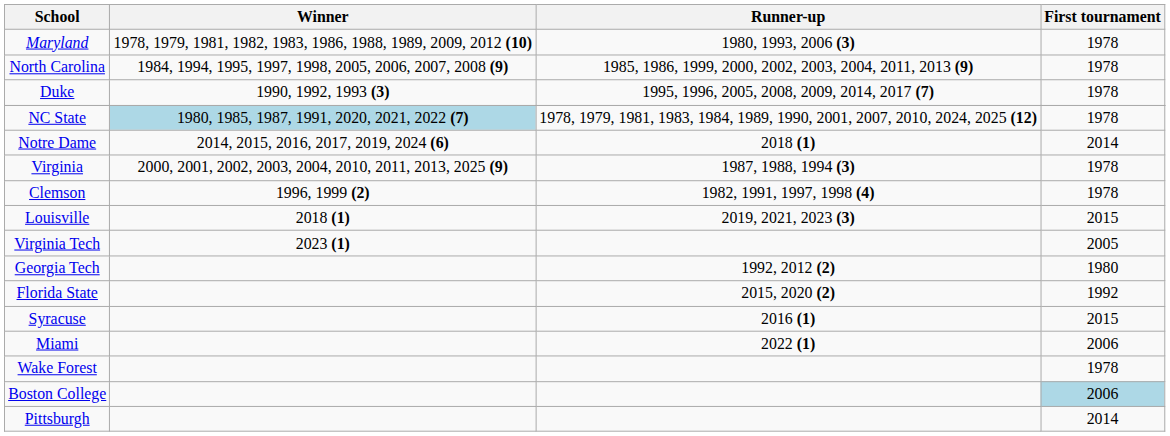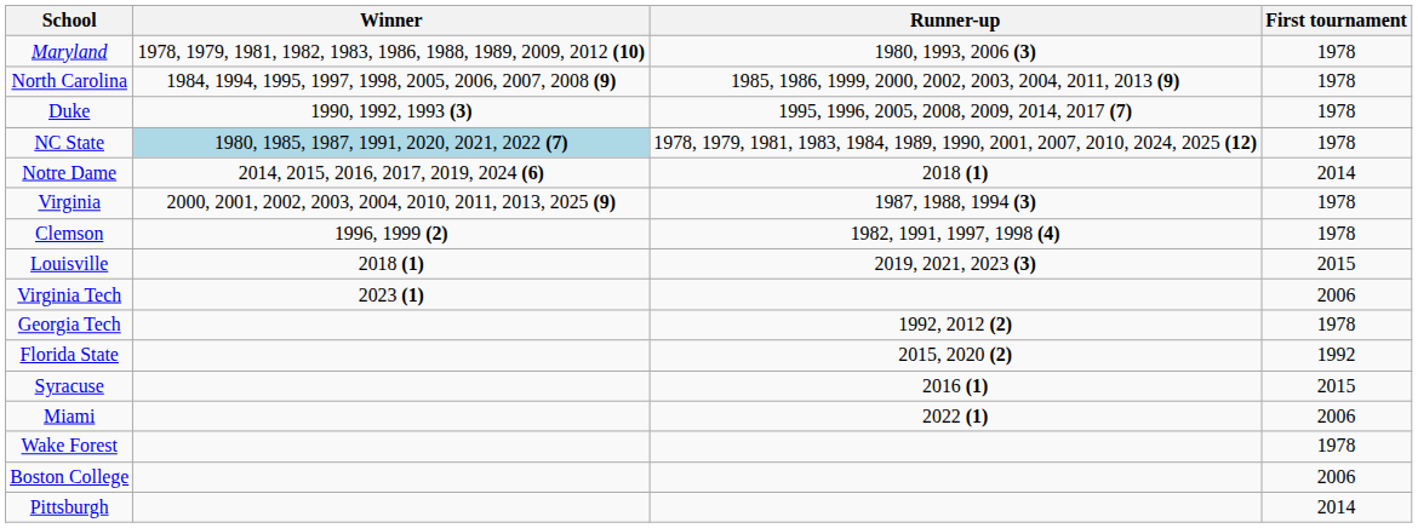 <table class="wikitable sortable" style="text-align:center">
 <tr>
 <th width=px>School</th>
 <th width=px>Winner</th>
 <th width=px>Runner-up</th>
 <th width=px>First tournament</th>
 </tr>
 <tr>
 <td style="text-align: center;"><em><a href='#'>Maryland</a></em></td>
 <td>1978, 1979, 1981, 1982, 1983, 1986, 1988, 1989, 2009, 2012 <strong>(10)</strong></td>
 <td>1980, 1993, 2006 <strong>(3)</strong></td>
 <td style="text-align: center;">1978</td>
 </tr>
 <tr>
 <td style="text-align: center;"><a href='#'>North Carolina</a></td>
 <td>1984, 1994, 1995, 1997, 1998, 2005, 2006, 2007, 2008 <strong>(9)</strong></td>
 <td>1985, 1986, 1999, 2000, 2002, 2003, 2004, 2011, 2013 <strong>(9)</strong></td>
 <td style="text-align: center;">1978</td>
 </tr>
 <tr>
 <td style="text-align: center;"><a href='#'>Duke</a></td>
 <td>1990, 1992, 1993 <strong>(3)</strong></td>
 <td>1995, 1996, 2005, 2008, 2009, 2014, 2017 <strong>(7)</strong></td>
 <td style="text-align: center;">1978</td>
 </tr>
 <tr>
 </tr>
 <tr>
 <td style="text-align: center;"><a href='#'>NC State</a></td>
 <td style="background: lightblue;">1980, 1985, 1987, 1991, 2020, 2021, 2022 <strong>(7)</strong></td>
 <td>1978, 1979, 1981, 1983, 1984, 1989, 1990, 2001, 2007, 2010, 2024, 2025 <strong>(12)</strong></td>
 <td style="text-align: center;">1978</td>
 </tr>
 <tr>
 <td style="text-align: center;"><a href='#'>Notre Dame</a></td>
 <td>2014, 2015, 2016, 2017, 2019, 2024 <strong>(6)</strong></td>
 <td>2018 <strong>(1)</strong></td>
 <td style="text-align: center;">2014</td>
 </tr>
 <tr>
 <td style="text-align: center;"><a href='#'>Virginia</a></td>
 <td>2000, 2001, 2002, 2003, 2004, 2010, 2011, 2013, 2025 <strong>(9)</strong></td>
 <td>1987, 1988, 1994 <strong>(3)</strong></td>
 <td style="text-align: center;">1978</td>
 </tr>
 <tr>
 <td style="text-align: center;"><a href='#'>Clemson</a></td>
 <td>1996, 1999 <strong>(2)</strong></td>
 <td>1982, 1991, 1997, 1998 <strong>(4)</strong></td>
 <td style="text-align: center;">1978</td>
 </tr>
 <tr>
 <td style="text-align: center;"><a href='#'>Louisville</a></td>
 <td>2018 <strong>(1)</strong></td>
 <td>2019, 2021, 2023 <strong>(3)</strong></td>
 <td style="text-align: center;">2015</td>
 </tr>
 <tr>
 <td style="text-align: center;"><a href='#'>Virginia Tech</a></td>
 <td>2023 <strong>(1)</strong></td>
 <td> </td>
-<td style="text-align: center;">2005</td>
+<td style="text-align: center;">2006</td>
 </tr>
 <tr>
 <td style="text-align: center;"><a href='#'>Georgia Tech</a></td>
 <td> </td>
 <td>1992, 2012 <strong>(2)</strong></td>
-<td style="text-align: center;">1980</td>
+<td style="text-align: center;">1978</td>
 </tr>
 <tr>
 <td style="text-align: center;"><a href='#'>Florida State</a></td>
 <td> </td>
 <td>2015, 2020 <strong>(2)</strong></td>
 <td style="text-align: center;">1992</td>
 </tr>
 <tr>
 <td style="text-align: center;"><a href='#'>Syracuse</a></td>
 <td> </td>
 <td>2016 <strong>(1)</strong></td>
 <td style="text-align: center;">2015</td>
 </tr>
 <tr>
 <td style="text-align: center;"><a href='#'>Miami</a></td>
 <td> </td>
 <td>2022 <strong>(1)</strong></td>
 <td style="text-align: center;">2006</td>
 </tr>
 <tr>
 <td style="text-align: center;"><a href='#'>Wake Forest</a></td>
 <td> </td>
 <td> </td>
 <td style="text-align: center;">1978</td>
 </tr>
 <tr>
 <td style="text-align: center;"><a href='#'>Boston College</a></td>
 <td> </td>
 <td> </td>
-<td style="background: lightblue; text-align: center;">2006</td>
+<td style="text-align: center;">2006</td>
 </tr>
 <tr>
 <td style="text-align: center;"><a href='#'>Pittsburgh</a></td>
 <td> </td>
 <td> </td>
 <td style="text-align: center;">2014</td>
 </tr>
 </table>
